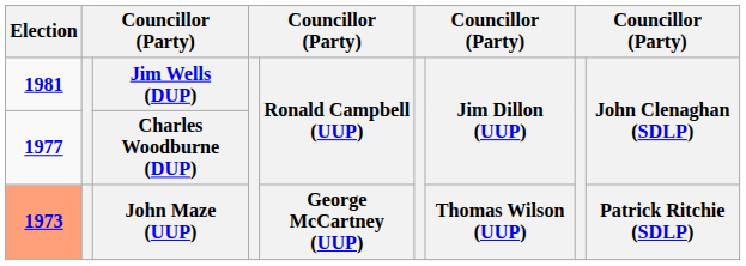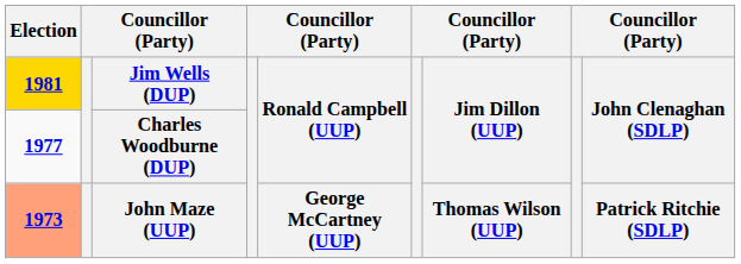 <table class="wikitable" style="text-align:center">
 <tr>
 <th scope="col" width="50">Election</th>
 <th scope="col" width="150" colspan = "2">Councillor<br> (Party)</th>
 <th scope="col" width="150" colspan = "2">Councillor<br> (Party)</th>
 <th scope="col" width="150" colspan = "2">Councillor<br> (Party)</th>
 <th scope="col" width="150" colspan = "2">Councillor<br> (Party)</th>
 </tr>
 <tr>
-<td><strong><a href='#'>1981</a></strong></td>
+<td style="background: gold;"><strong><a href='#'>1981</a></strong></td>
 <th rowspan="2" width="1" style="background-color: "></th>
 <th rowspan = "1"><a href='#'>Jim Wells</a> <br> (<a href='#'>DUP</a>)</th>
 <th rowspan="3" width="1" style="background-color: "></th>
 <th rowspan = "2">Ronald Campbell <br> (<a href='#'>UUP</a>)</th>
 <th rowspan="3" width="1" style="background-color: "></th>
 <th rowspan = "2">Jim Dillon <br> (<a href='#'>UUP</a>)</th>
 <th rowspan="3" width="1" style="background-color: "></th>
 <th rowspan = "2">John Clenaghan <br> (<a href='#'>SDLP</a>)</th>
 </tr>
 <tr>
 <td><strong><a href='#'>1977</a></strong></td>
 <th rowspan = "1">Charles Woodburne <br> (<a href='#'>DUP</a>)</th>
 </tr>
 <tr>
 <td style="background: lightsalmon;"><strong><a href='#'>1973</a></strong></td>
 <th rowspan="1" width="1" style="background-color: "></th>
 <th rowspan = "1">John Maze <br> (<a href='#'>UUP</a>)</th>
 <th rowspan = "1">George McCartney <br> (<a href='#'>UUP</a>)</th>
 <th rowspan = "1">Thomas Wilson <br> (<a href='#'>UUP</a>)</th>
 <th rowspan = "1">Patrick Ritchie <br> (<a href='#'>SDLP</a>)</th>
 </tr>
 </table>
